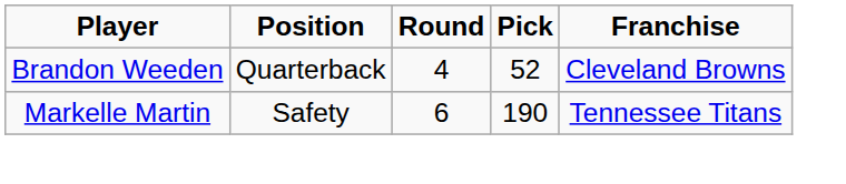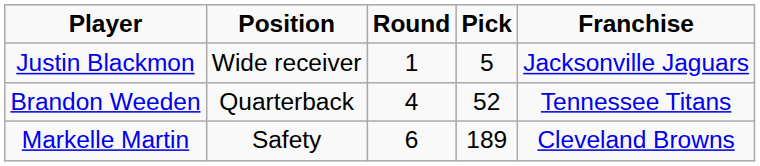 <table class="wikitable">
 <tr align="center">
 <td><strong>Player</strong></td>
 <td><strong>Position</strong></td>
 <td><strong>Round</strong></td>
 <td><strong>Pick</strong></td>
 <td><strong>Franchise</strong></td>
 </tr>
 <tr align="center" bgcolor="">
+<td><a href='#'>Justin Blackmon</a></td>
+<td>Wide receiver</td>
+<td>1</td>
+<td>5</td>
+<td><a href='#'>Jacksonville Jaguars</a></td>
+</tr>
+<tr align="center" bgcolor="">
 <td><a href='#'>Brandon Weeden</a></td>
 <td>Quarterback</td>
 <td>4</td>
 <td>52</td>
-<td><a href='#'>Cleveland Browns</a></td>
+<td><a href='#'>Tennessee Titans</a></td>
 </tr>
 <tr align="center" bgcolor="">
 <td><a href='#'>Markelle Martin</a></td>
 <td>Safety</td>
 <td>6</td>
-<td>190</td>
-<td><a href='#'>Tennessee Titans</a></td>
+<td>189</td>
+<td><a href='#'>Cleveland Browns</a></td>
 </tr>
 </table>
